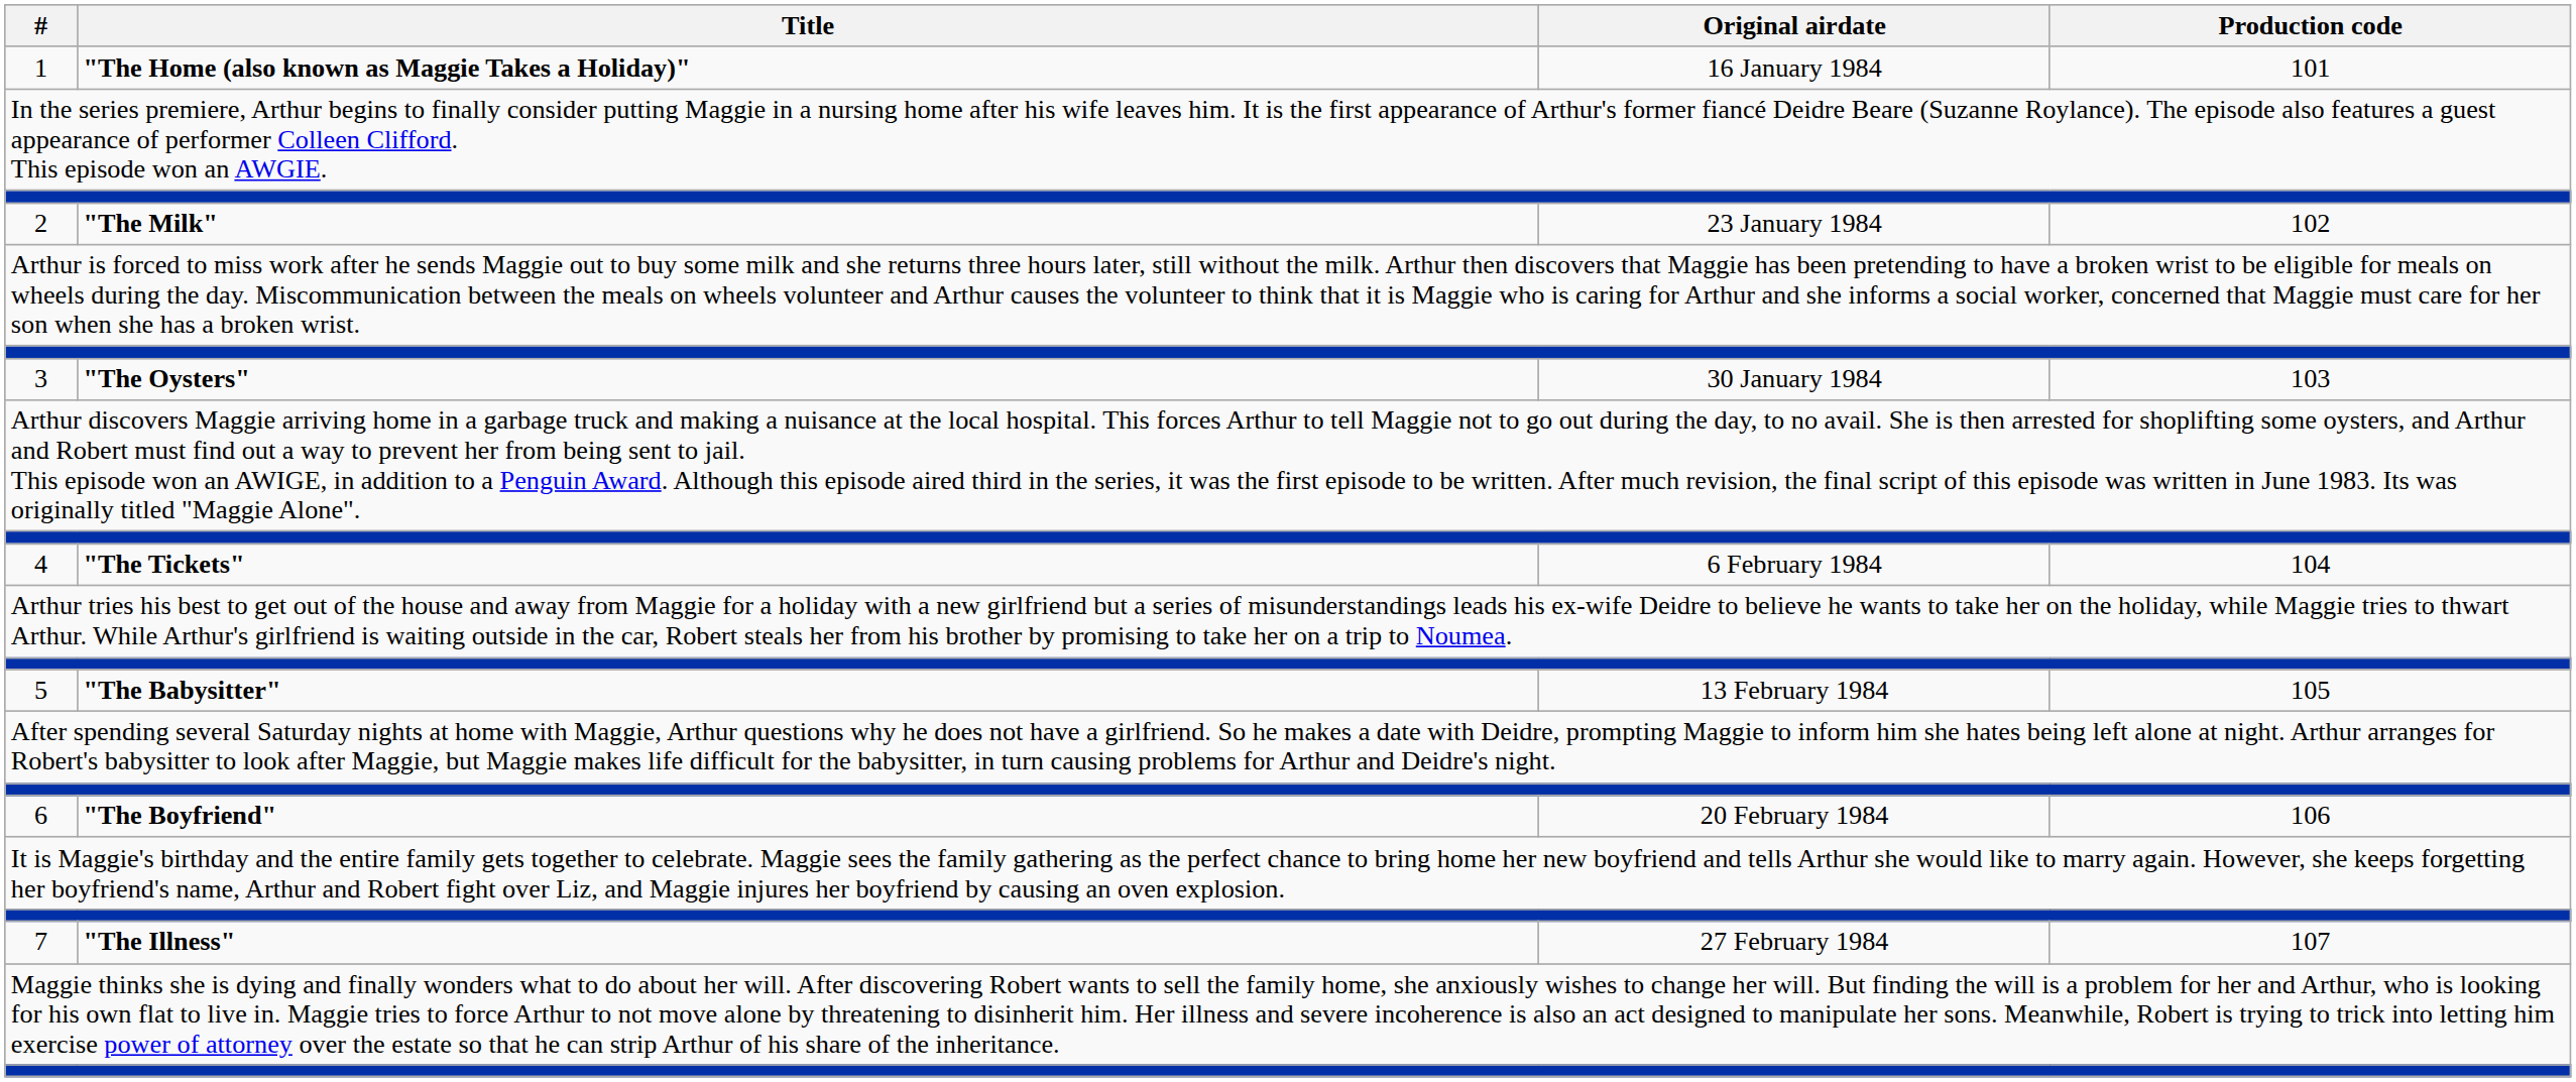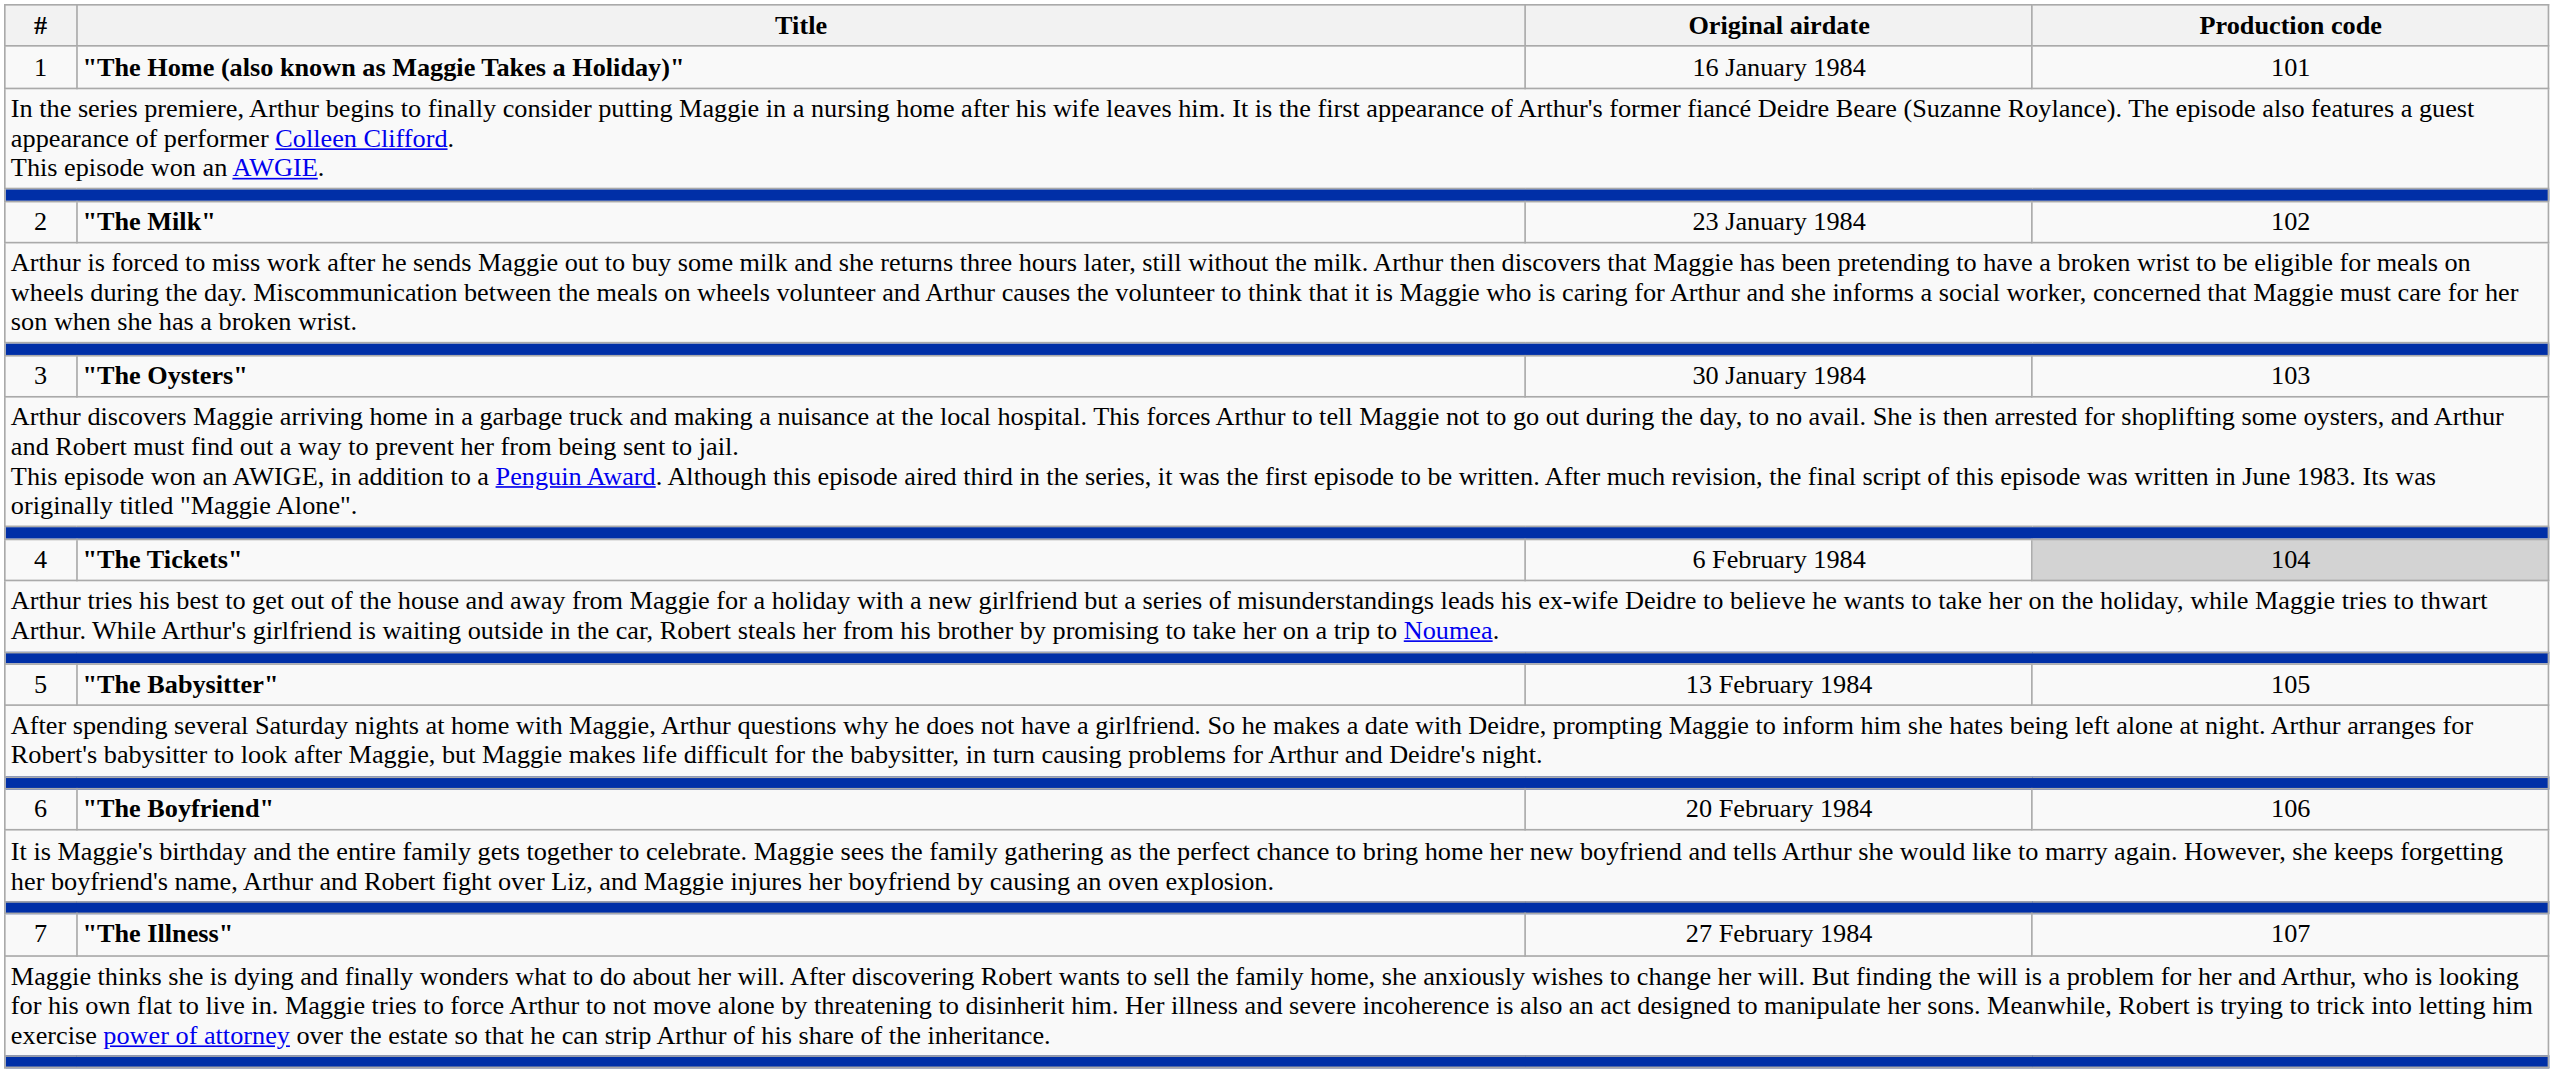 <table class="wikitable" width="98%">
 <tr>
 <th>#</th>
 <th>Title</th>
 <th>Original airdate</th>
 <th>Production code</th>
 </tr>
 <tr>
 <td align="center">1</td>
 <td><strong>"The Home (also known as Maggie Takes a Holiday)"</strong></td>
 <td align="center">16 January 1984</td>
 <td align="center">101</td>
 </tr>
 <tr>
 <td colspan="4">In the series premiere, Arthur begins to finally consider putting Maggie in a nursing home after his wife leaves him. It is the first appearance of Arthur's former fiancé Deidre Beare (Suzanne Roylance). The episode also features a guest appearance of performer <a href='#'>Colleen Clifford</a>.<br>This episode won an <a href='#'>AWGIE</a>.</td>
 </tr>
 <tr>
 <td colspan="4" bgcolor="#002FA7"></td>
 </tr>
 <tr>
 <td align="center">2</td>
 <td><strong>"The Milk"</strong></td>
 <td align="center">23 January 1984</td>
 <td align="center">102</td>
 </tr>
 <tr>
 <td colspan="4">Arthur is forced to miss work after he sends Maggie out to buy some milk and she returns three hours later, still without the milk. Arthur then discovers that Maggie has been pretending to have a broken wrist to be eligible for meals on wheels during the day. Miscommunication between the meals on wheels volunteer and Arthur causes the volunteer to think that it is Maggie who is caring for Arthur and she informs a social worker, concerned that Maggie must care for her son when she has a broken wrist.</td>
 </tr>
 <tr>
 <td colspan="4" bgcolor="#002FA7"></td>
 </tr>
 <tr>
 <td align="center">3</td>
 <td><strong>"The Oysters"</strong></td>
 <td align="center">30 January 1984</td>
 <td align="center">103</td>
 </tr>
 <tr>
 <td colspan="4">Arthur discovers Maggie arriving home in a garbage truck and making a nuisance at the local hospital. This forces Arthur to tell Maggie not to go out during the day, to no avail. She is then arrested for shoplifting some oysters, and Arthur and Robert must find out a way to prevent her from being sent to jail.<br>This episode won an AWIGE, in addition to a <a href='#'>Penguin Award</a>. Although this episode aired third in the series, it was the first episode to be written. After much revision, the final script of this episode was written in June 1983. Its was originally titled "Maggie Alone".</td>
 </tr>
 <tr>
 <td colspan="4" bgcolor="#002FA7"></td>
 </tr>
 <tr>
 <td align="center">4</td>
 <td><strong>"The Tickets"</strong></td>
 <td align="center">6 February 1984</td>
-<td align="center">104</td>
+<td align="center" style="background: lightgrey;">104</td>
 </tr>
 <tr>
 <td colspan="4">Arthur tries his best to get out of the house and away from Maggie for a holiday with a new girlfriend but a series of misunderstandings leads his ex-wife Deidre to believe he wants to take her on the holiday, while Maggie tries to thwart Arthur. While Arthur's girlfriend is waiting outside in the car, Robert steals her from his brother by promising to take her on a trip to <a href='#'>Noumea</a>.</td>
 </tr>
 <tr>
 <td colspan="4" bgcolor="#002FA7"></td>
 </tr>
 <tr>
 <td align="center">5</td>
 <td><strong>"The Babysitter"</strong></td>
 <td align="center">13 February 1984</td>
 <td align="center">105</td>
 </tr>
 <tr>
 <td colspan="4">After spending several Saturday nights at home with Maggie, Arthur questions why he does not have a girlfriend. So he makes a date with Deidre, prompting Maggie to inform him she hates being left alone at night. Arthur arranges for Robert's babysitter to look after Maggie, but Maggie makes life difficult for the babysitter, in turn causing problems for Arthur and Deidre's night.</td>
 </tr>
 <tr>
 <td colspan="4" bgcolor="#002FA7"></td>
 </tr>
 <tr>
 <td align="center">6</td>
 <td><strong>"The Boyfriend"</strong></td>
 <td align="center">20 February 1984</td>
 <td align="center">106</td>
 </tr>
 <tr>
 <td colspan="4">It is Maggie's birthday and the entire family gets together to celebrate. Maggie sees the family gathering as the perfect chance to bring home her new boyfriend and tells Arthur she would like to marry again. However, she keeps forgetting her boyfriend's name, Arthur and Robert fight over Liz, and Maggie injures her boyfriend by causing an oven explosion.</td>
 </tr>
 <tr>
 <td colspan="4" bgcolor="#002FA7"></td>
 </tr>
 <tr>
 <td align="center">7</td>
 <td><strong>"The Illness"</strong></td>
 <td align="center">27 February 1984</td>
 <td align="center">107</td>
 </tr>
 <tr>
 <td colspan="4">Maggie thinks she is dying and finally wonders what to do about her will. After discovering Robert wants to sell the family home, she anxiously wishes to change her will. But finding the will is a problem for her and Arthur, who is looking for his own flat to live in. Maggie tries to force Arthur to not move alone by threatening to disinherit him. Her illness and severe incoherence is also an act designed to manipulate her sons. Meanwhile, Robert is trying to trick into letting him exercise <a href='#'>power of attorney</a> over the estate so that he can strip Arthur of his share of the inheritance.</td>
 </tr>
 <tr>
 <td colspan="4" bgcolor="#002FA7"></td>
 </tr>
 <tr>
 </tr>
 </table>
